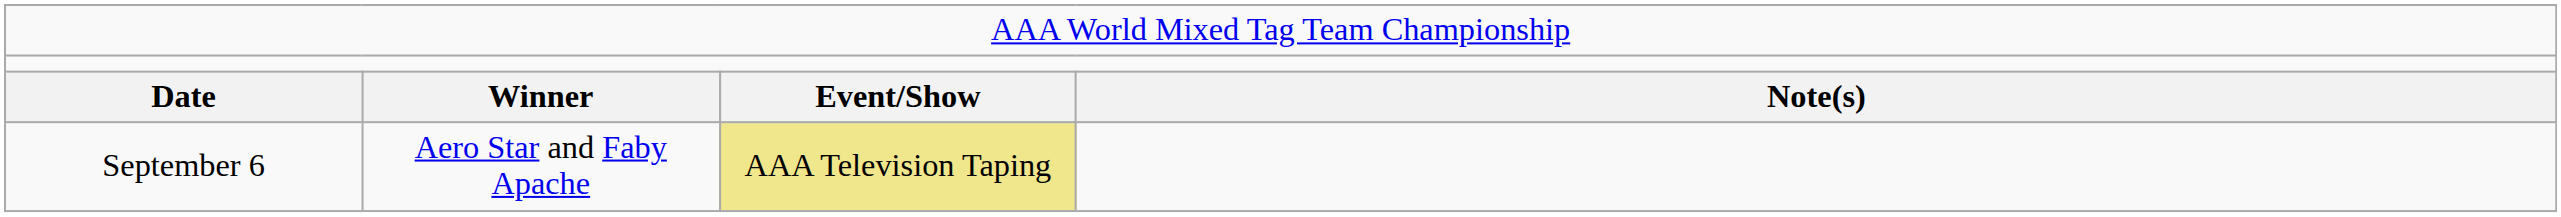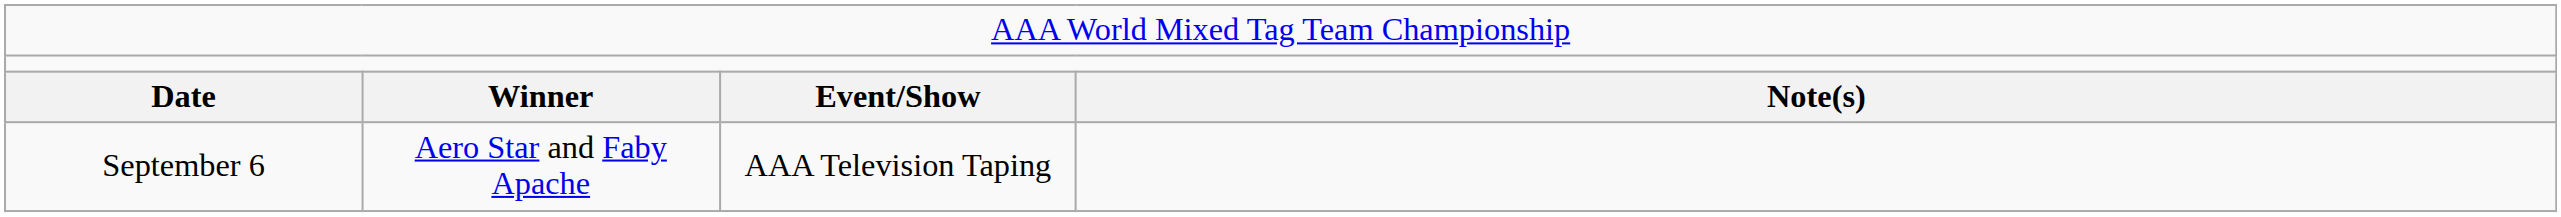 <table class="wikitable" style="text-align:center; width:100%;">
 <tr>
 <td colspan="5"><a href='#'>AAA World Mixed Tag Team Championship</a></td>
 </tr>
 <tr>
 <td colspan="5"><strong></strong></td>
 </tr>
 <tr>
 <th width="14%">Date</th>
 <th width="14%">Winner</th>
 <th width="14%">Event/Show</th>
 <th width="58%">Note(s)</th>
 </tr>
 <tr>
 <td>September 6</td>
 <td><a href='#'>Aero Star</a> and <a href='#'>Faby Apache</a></td>
-<td style="background: khaki;">AAA Television Taping</td>
+<td>AAA Television Taping</td>
 <td align="left"></td>
 </tr>
 </table>
